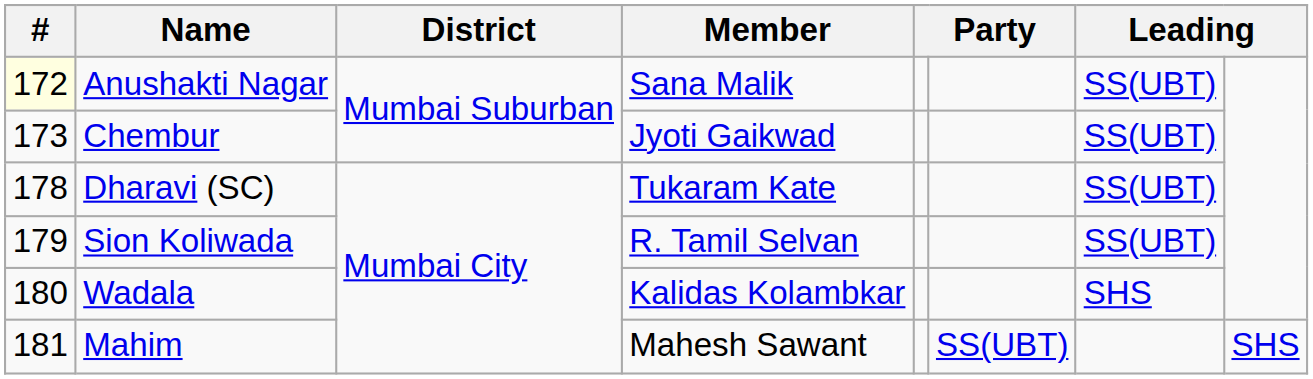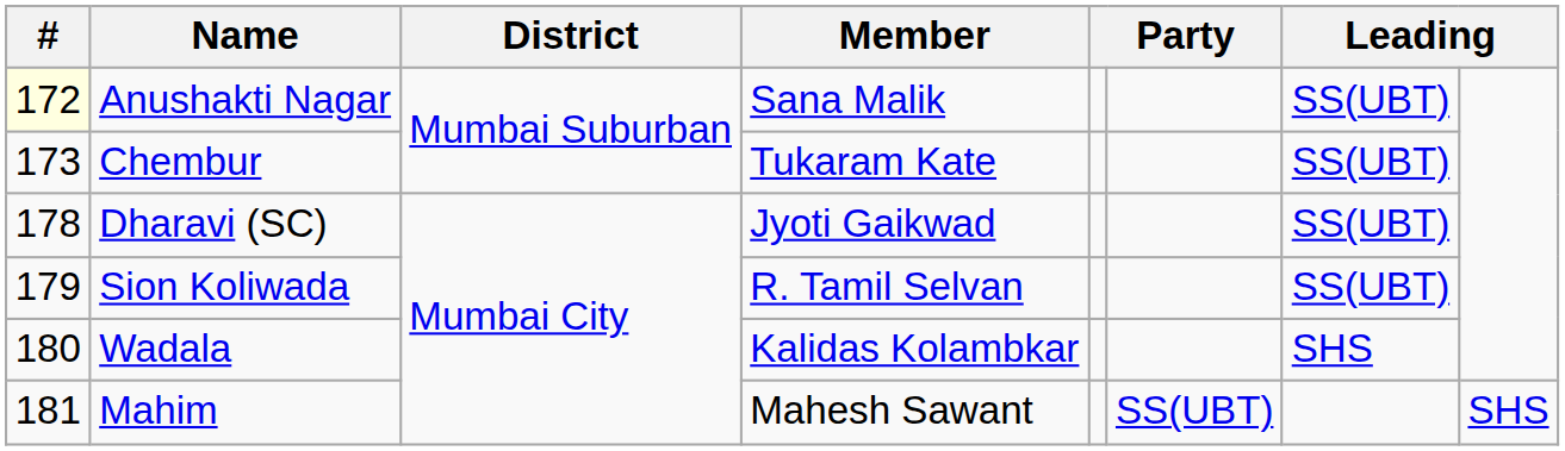 <table class="wikitable">
 <tr>
 <th>#</th>
 <th>Name</th>
 <th>District</th>
 <th>Member</th>
 <th colspan="2">Party</th>
 <th colspan="2">Leading<br></th>
 </tr>
 <tr>
 <td style="background: lightyellow;">172</td>
 <td><a href='#'>Anushakti Nagar</a></td>
 <td rowspan="2"><a href='#'>Mumbai Suburban</a></td>
 <td><a href='#'>Sana Malik</a></td>
 <td></td>
 <td style="background-color: "></td>
 <td><a href='#'>SS(UBT)</a></td>
 </tr>
 <tr>
 <td>173</td>
 <td><a href='#'>Chembur</a></td>
-<td><a href='#'>Jyoti Gaikwad</a></td>
+<td><a href='#'>Tukaram Kate</a></td>
 <td></td>
 <td style="background-color:"></td>
 <td><a href='#'>SS(UBT)</a></td>
 </tr>
 <tr>
 <td>178</td>
 <td><a href='#'>Dharavi</a> (SC)</td>
 <td rowspan="4"><a href='#'>Mumbai City</a></td>
-<td><a href='#'>Tukaram Kate</a></td>
+<td><a href='#'>Jyoti Gaikwad</a></td>
 <td></td>
 <td style="background-color:"></td>
 <td><a href='#'>SS(UBT)</a></td>
 </tr>
 <tr>
 <td>179</td>
 <td><a href='#'>Sion Koliwada</a></td>
 <td><a href='#'>R. Tamil Selvan</a></td>
 <td></td>
 <td style="background-color:"></td>
 <td><a href='#'>SS(UBT)</a></td>
 </tr>
 <tr>
 <td>180</td>
 <td><a href='#'>Wadala</a></td>
 <td><a href='#'>Kalidas Kolambkar</a></td>
 <td></td>
 <td style="background-color:"></td>
 <td><a href='#'>SHS</a></td>
 </tr>
 <tr>
 <td>181</td>
 <td><a href='#'>Mahim</a></td>
 <td>Mahesh Sawant</td>
 <td style="background-color:"></td>
 <td><a href='#'>SS(UBT)</a></td>
 <td style="background-color:"></td>
 <td><a href='#'>SHS</a></td>
 </tr>
 </table>
